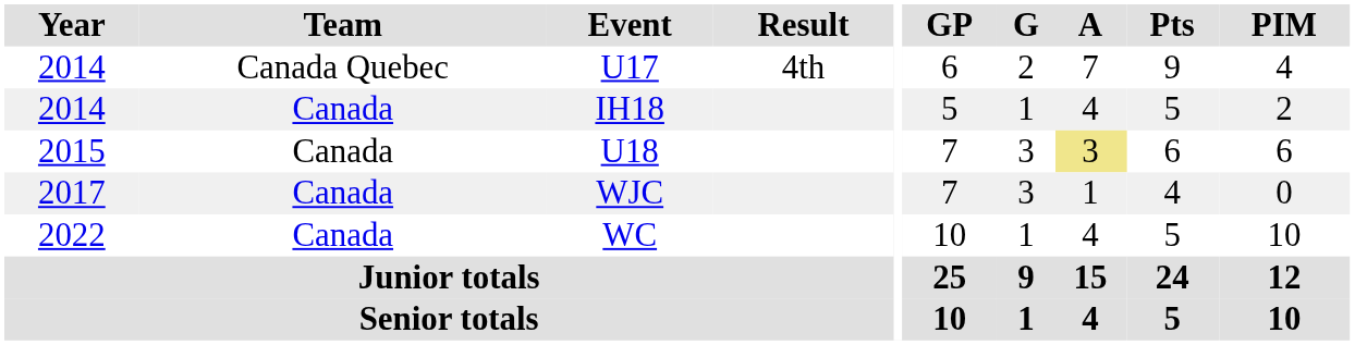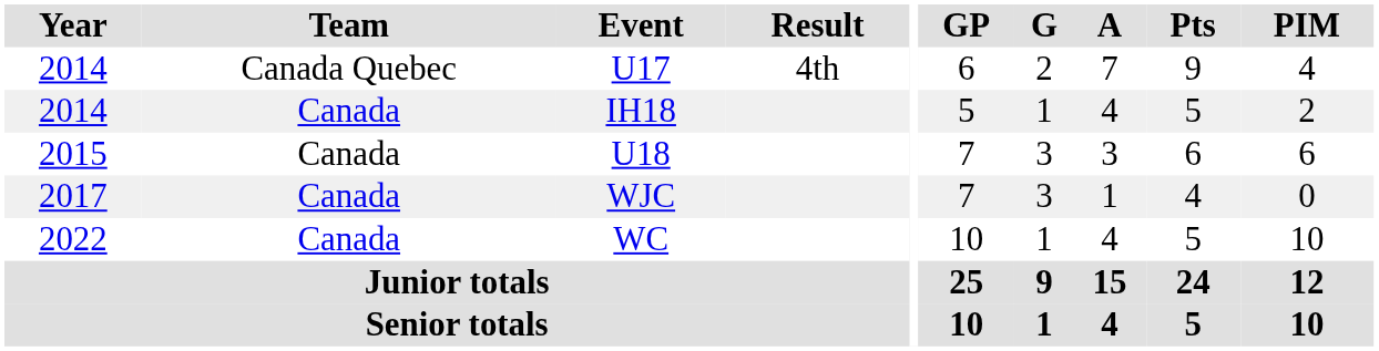 <table border="0" cellpadding="1" cellspacing="0" ID="Table3" style="text-align:center; width:40em">
 <tr ALIGN="center" bgcolor="#e0e0e0">
 <th>Year</th>
 <th>Team</th>
 <th>Event</th>
 <th>Result</th>
 <th rowspan="99" bgcolor="#ffffff"></th>
 <th>GP</th>
 <th>G</th>
 <th>A</th>
 <th>Pts</th>
 <th>PIM</th>
 </tr>
 <tr>
 <td><a href='#'>2014</a></td>
 <td>Canada Quebec</td>
 <td><a href='#'>U17</a></td>
 <td>4th</td>
 <td>6</td>
 <td>2</td>
 <td>7</td>
 <td>9</td>
 <td>4</td>
 </tr>
 <tr bgcolor="#f0f0f0">
 <td><a href='#'>2014</a></td>
 <td><a href='#'>Canada</a></td>
 <td><a href='#'>IH18</a></td>
 <td></td>
 <td>5</td>
 <td>1</td>
 <td>4</td>
 <td>5</td>
 <td>2</td>
 </tr>
 <tr>
 <td><a href='#'>2015</a></td>
 <td>Canada</td>
 <td><a href='#'>U18</a></td>
 <td></td>
 <td>7</td>
 <td>3</td>
-<td style="background: khaki;">3</td>
+<td>3</td>
 <td>6</td>
 <td>6</td>
 </tr>
 <tr bgcolor="#f0f0f0">
 <td><a href='#'>2017</a></td>
 <td><a href='#'>Canada</a></td>
 <td><a href='#'>WJC</a></td>
 <td></td>
 <td>7</td>
 <td>3</td>
 <td>1</td>
 <td>4</td>
 <td>0</td>
 </tr>
 <tr>
 <td><a href='#'>2022</a></td>
 <td><a href='#'>Canada</a></td>
 <td><a href='#'>WC</a></td>
 <td></td>
 <td>10</td>
 <td>1</td>
 <td>4</td>
 <td>5</td>
 <td>10</td>
 </tr>
 <tr bgcolor="#e0e0e0">
 <th colspan="4">Junior totals</th>
 <th>25</th>
 <th>9</th>
 <th>15</th>
 <th>24</th>
 <th>12</th>
 </tr>
 <tr bgcolor="#e0e0e0">
 <th colspan="4">Senior totals</th>
 <th>10</th>
 <th>1</th>
 <th>4</th>
 <th>5</th>
 <th>10</th>
 </tr>
 </table>
